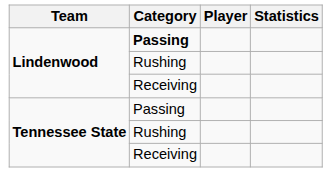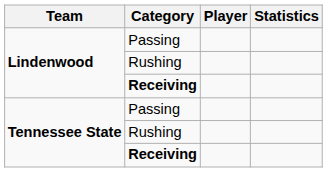 <table class="wikitable" style="float: right;">
 <tr>
 <th>Team</th>
 <th>Category</th>
 <th>Player</th>
 <th>Statistics</th>
 </tr>
 <tr>
 <td rowspan=3><strong>Lindenwood</strong></td>
-<td><strong>Passing</strong></td>
+<td>Passing</td>
 <td></td>
 <td></td>
 </tr>
 <tr>
 <td>Rushing</td>
 <td></td>
 <td></td>
 </tr>
 <tr>
-<td>Receiving</td>
+<td><strong>Receiving</strong></td>
 <td></td>
 <td></td>
 </tr>
 <tr>
 <td rowspan=3><strong>Tennessee State</strong></td>
 <td>Passing</td>
 <td></td>
 <td></td>
 </tr>
 <tr>
 <td>Rushing</td>
 <td></td>
 <td></td>
 </tr>
 <tr>
-<td>Receiving</td>
+<td><strong>Receiving</strong></td>
 <td></td>
 <td></td>
 </tr>
 </table>
